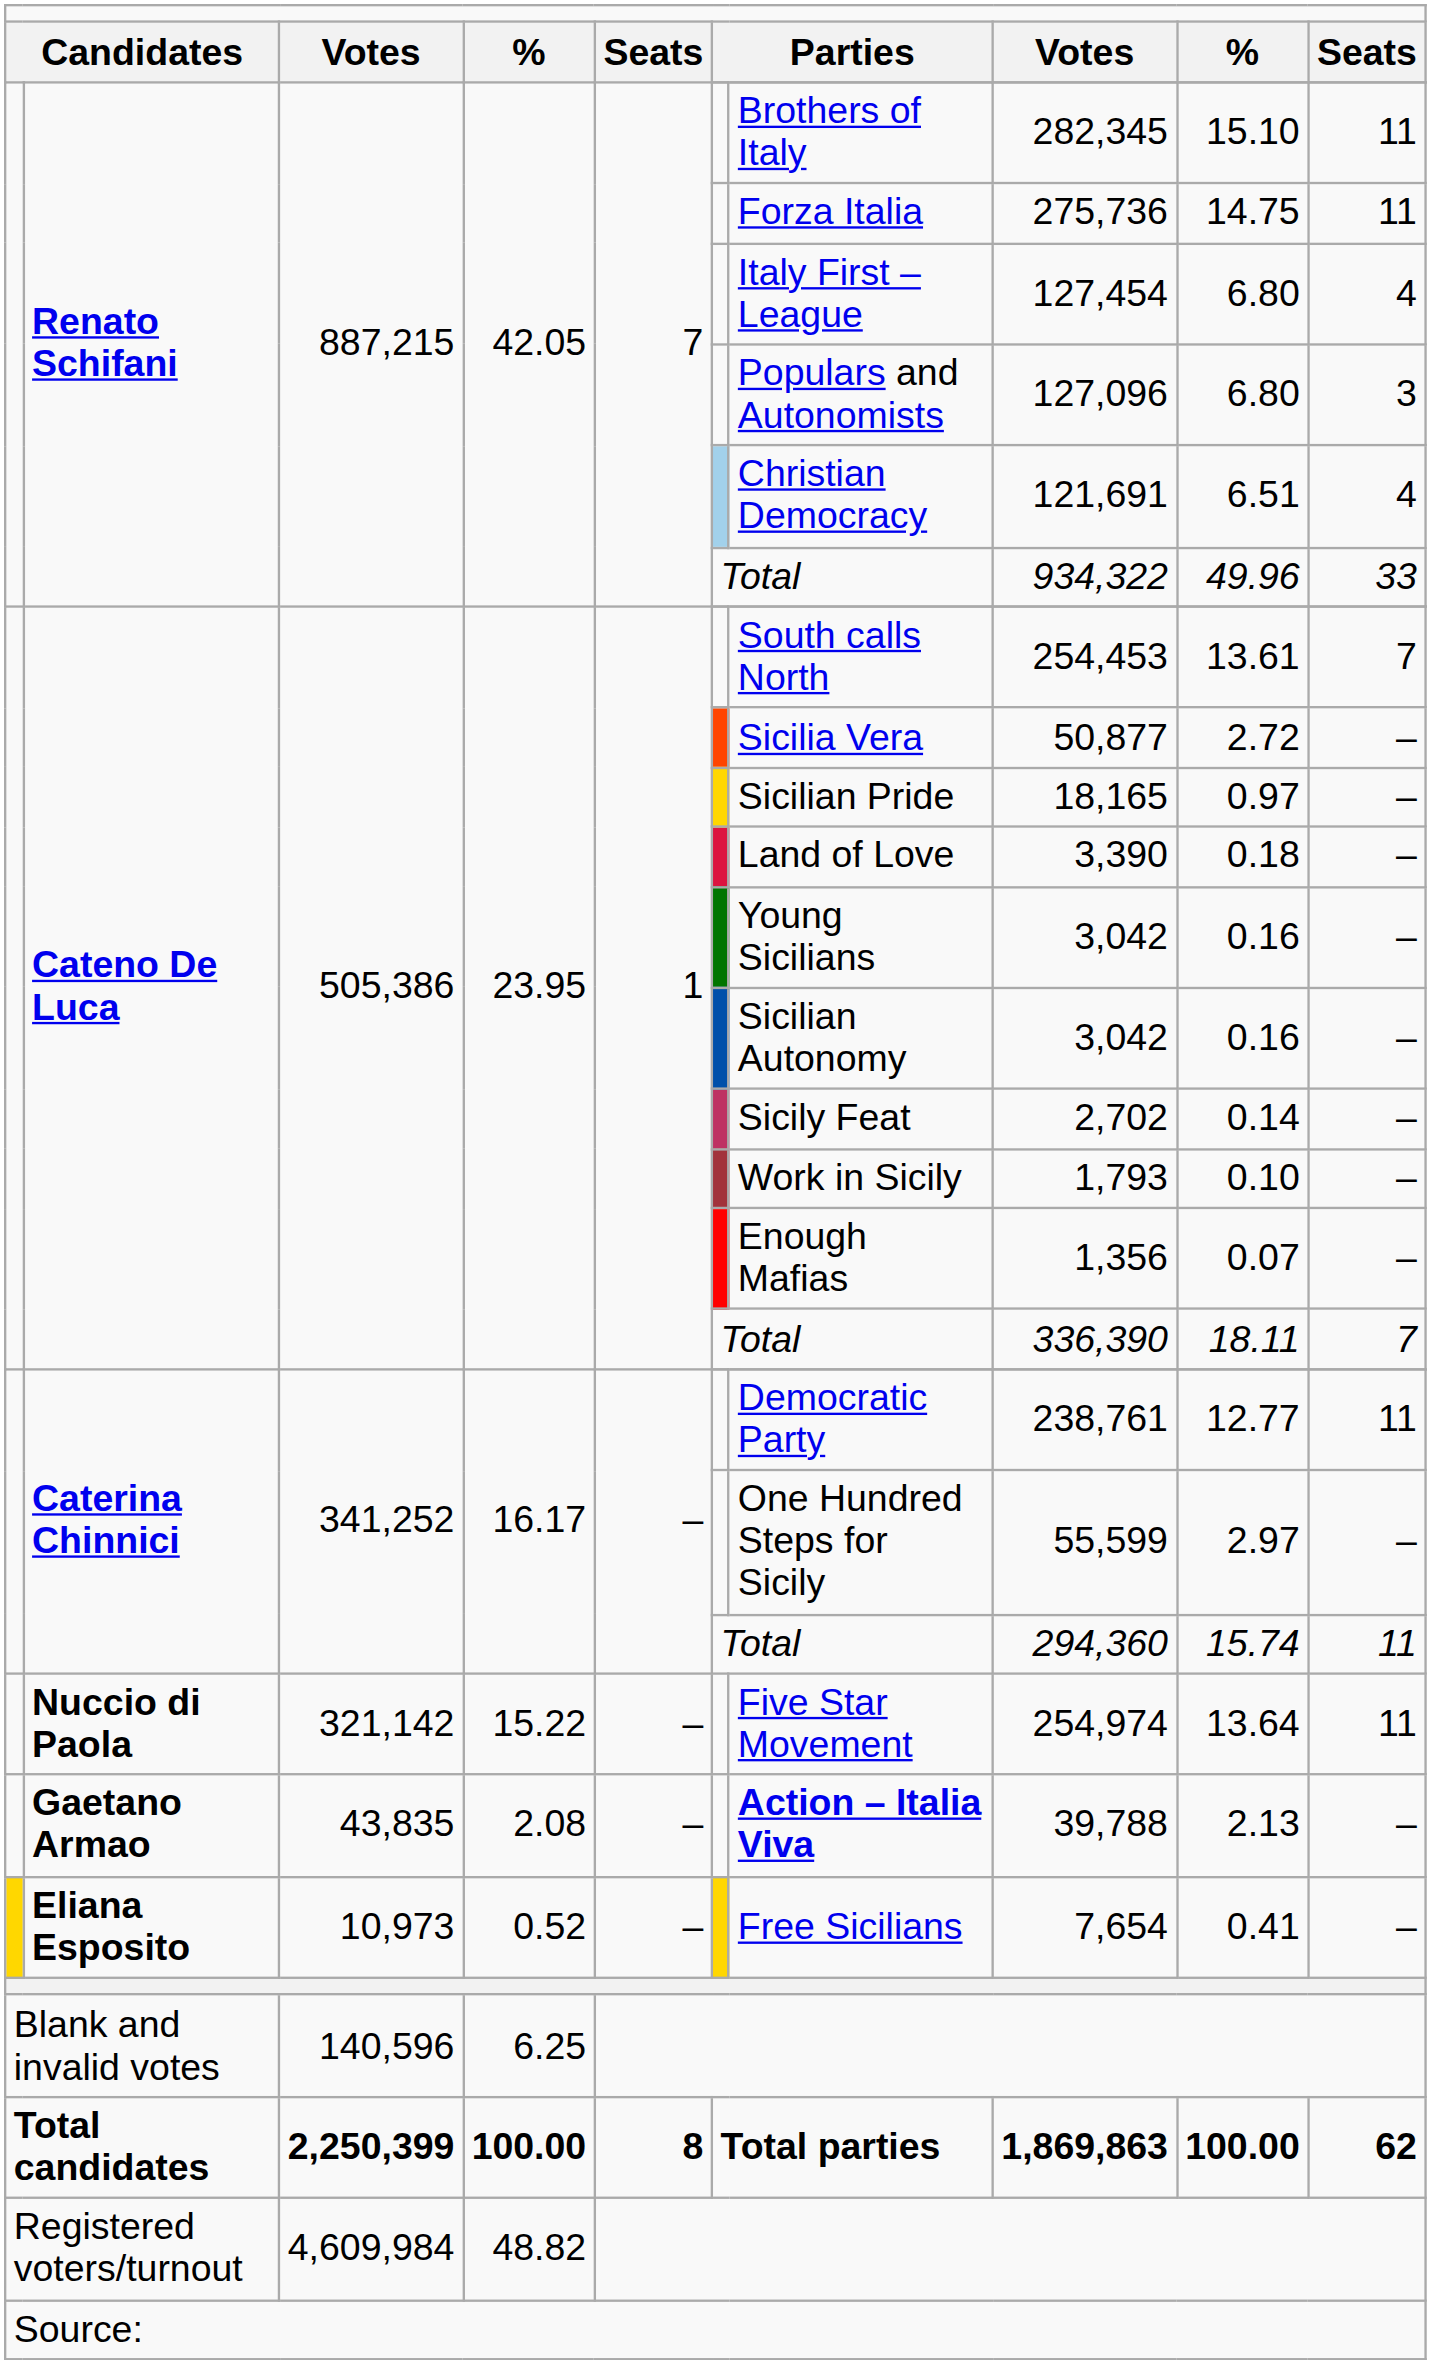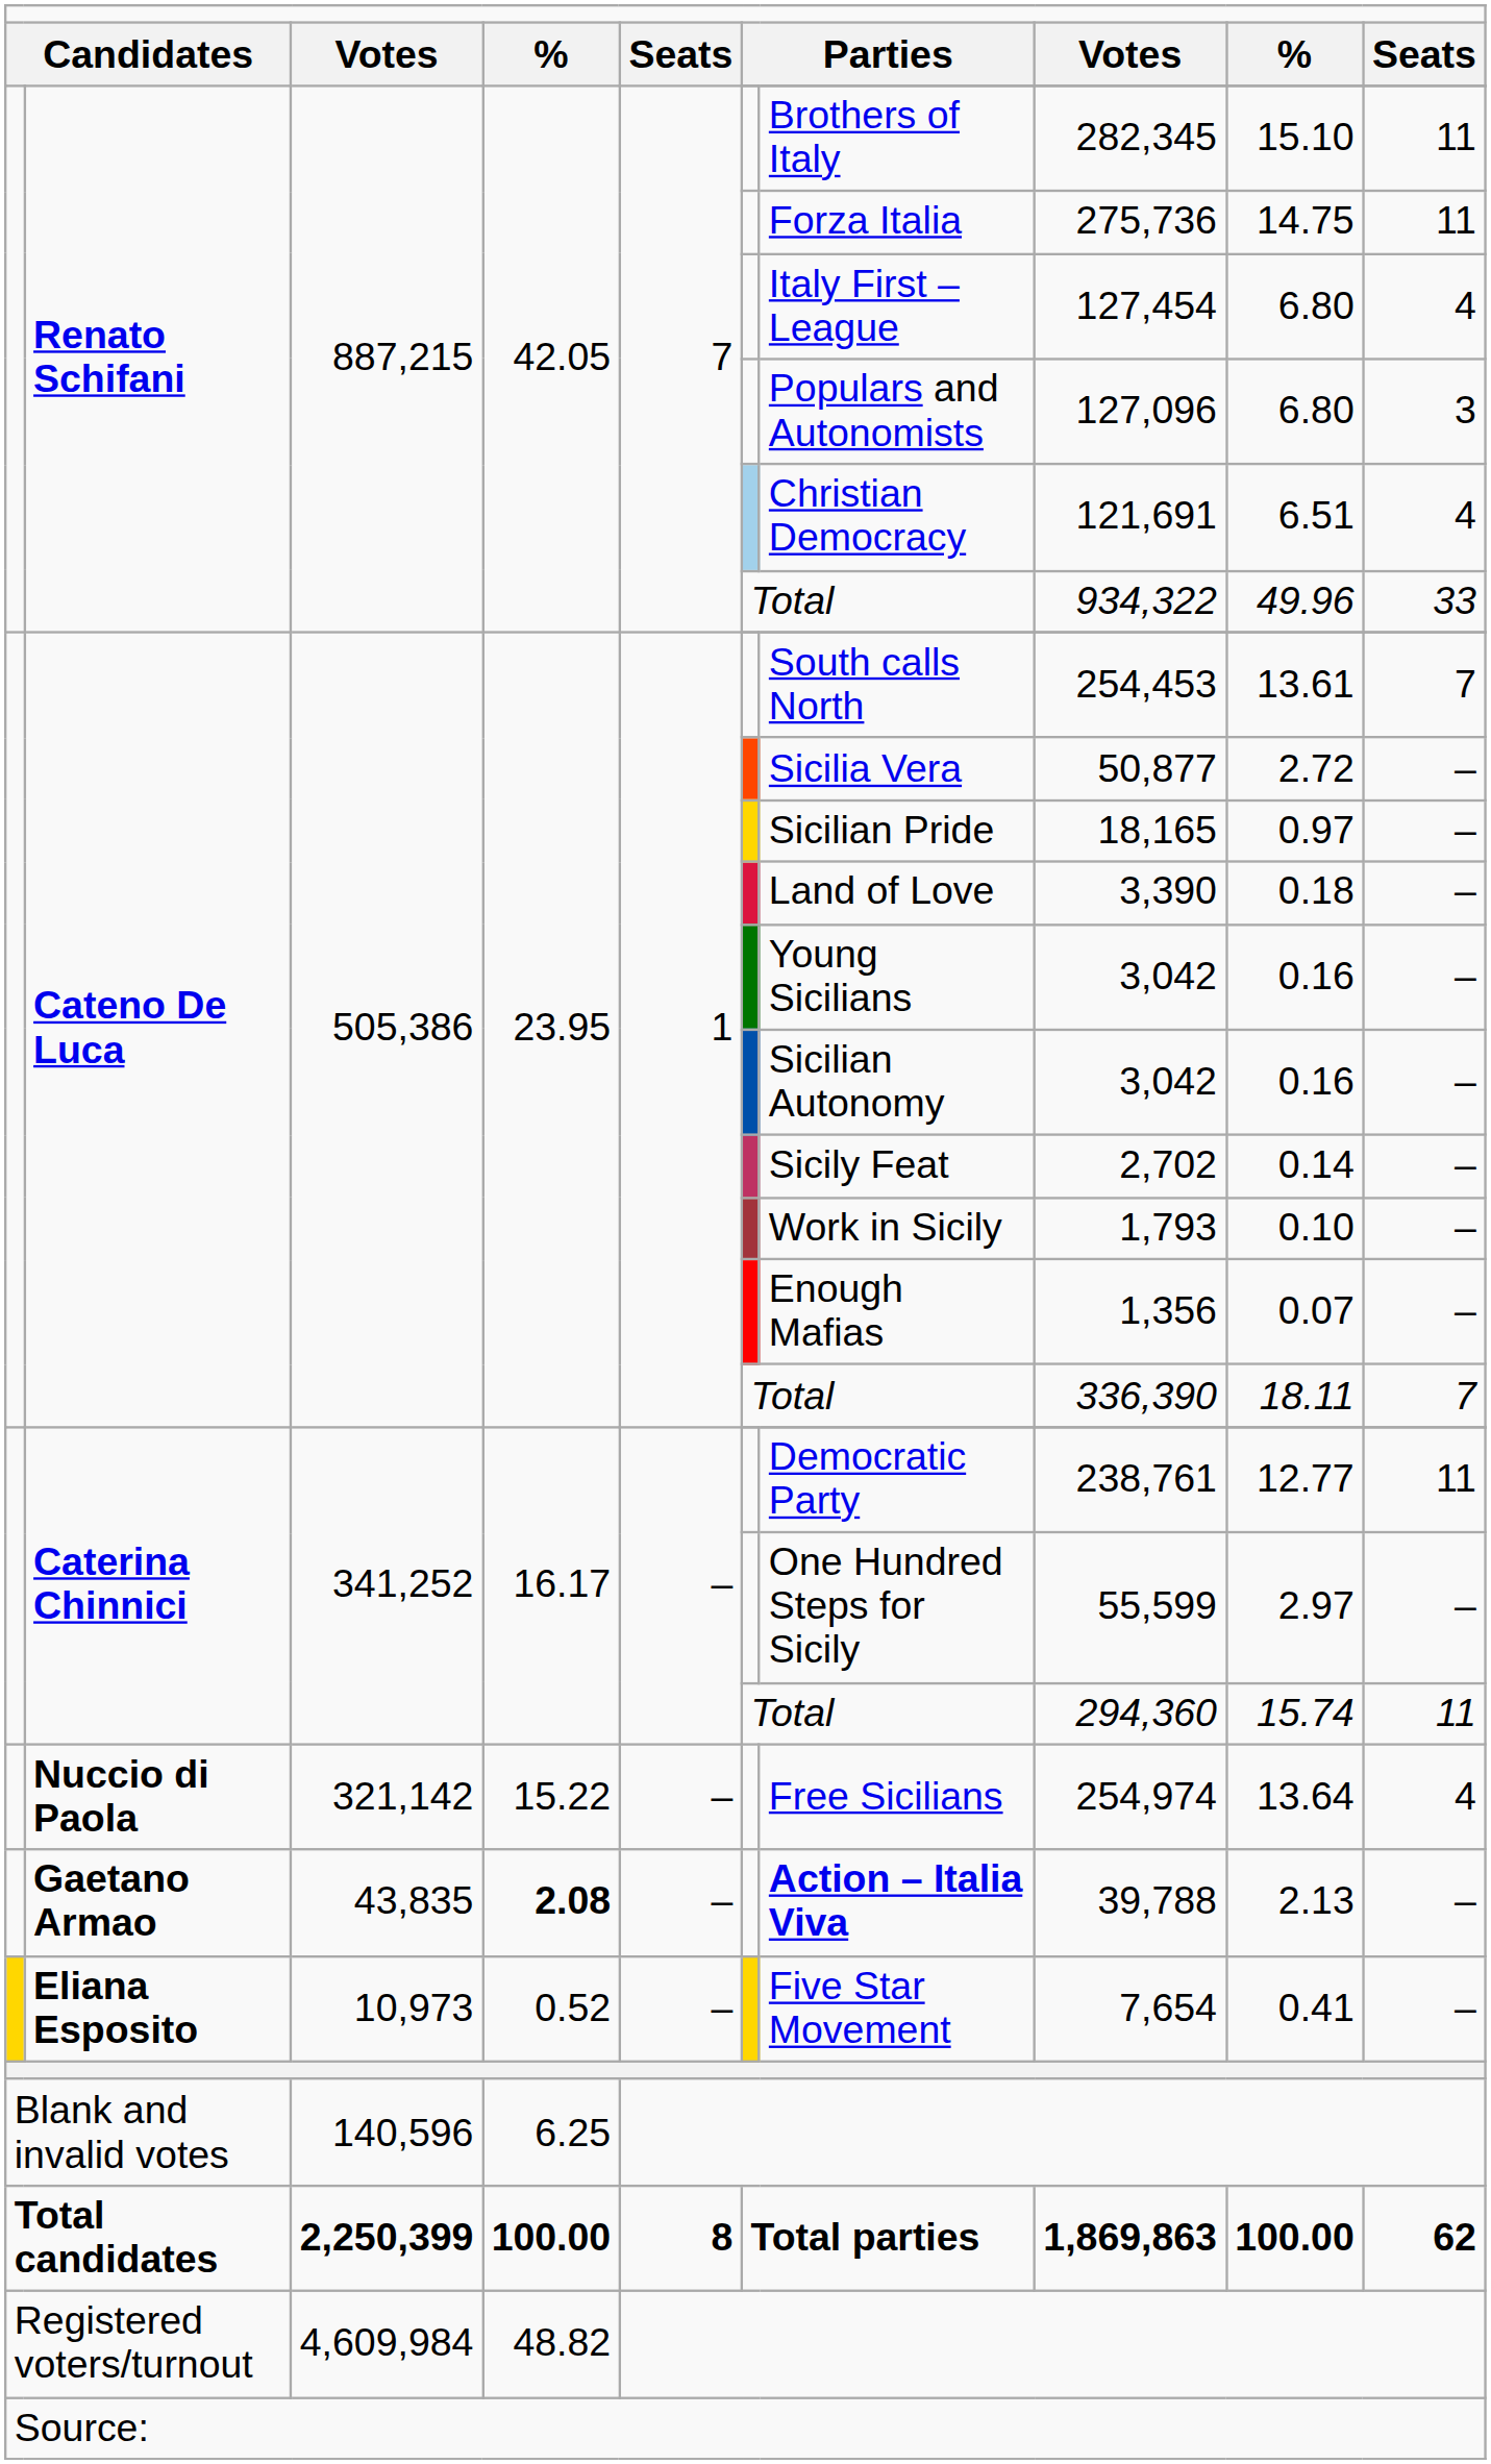 <table class="wikitable">
 <tr>
 <td colspan=10></td>
 </tr>
 <tr>
 <th colspan=2>Candidates</th>
 <th>Votes</th>
 <th>%</th>
 <th>Seats</th>
 <th colspan=2>Parties</th>
 <th>Votes</th>
 <th>%</th>
 <th>Seats</th>
 </tr>
 <tr>
 <td rowspan=7></td>
 <td rowspan=7><strong><a href='#'>Renato Schifani</a></strong></td>
 <td rowspan=7 align=right>887,215</td>
 <td rowspan=7 align=right>42.05</td>
 <td rowspan=7 align=right>7</td>
 </tr>
 <tr>
 <td></td>
 <td><a href='#'>Brothers of Italy</a></td>
 <td align=right>282,345</td>
 <td align=right>15.10</td>
 <td align=right>11</td>
 </tr>
 <tr>
 <td style="color:inherit;background:"></td>
 <td><a href='#'>Forza Italia</a></td>
 <td align=right>275,736</td>
 <td align=right>14.75</td>
 <td align=right>11</td>
 </tr>
 <tr>
 <td></td>
 <td><a href='#'>Italy First – League</a></td>
 <td align=right>127,454</td>
 <td align=right>6.80</td>
 <td align=right>4</td>
 </tr>
 <tr>
 <td style="color:inherit;background:"></td>
 <td><a href='#'>Populars</a> and <a href='#'>Autonomists</a></td>
 <td align=right>127,096</td>
 <td align=right>6.80</td>
 <td align=right>3</td>
 </tr>
 <tr>
 <td style="color:inherit;background:#A2D1EB"></td>
 <td><a href='#'>Christian Democracy</a></td>
 <td align=right>121,691</td>
 <td align=right>6.51</td>
 <td align=right>4</td>
 </tr>
 <tr>
 <td colspan=2><em>Total</em></td>
 <td align=right><em>934,322</em></td>
 <td align=right><em>49.96</em></td>
 <td align=right><em>33</em></td>
 </tr>
 <tr>
 <td rowspan=11></td>
 <td rowspan=11><strong><a href='#'>Cateno De Luca</a></strong></td>
 <td rowspan=11 align=right>505,386</td>
 <td rowspan=11 align=right>23.95</td>
 <td rowspan=11 align=right>1</td>
 </tr>
 <tr>
 <td></td>
 <td><a href='#'>South calls North</a></td>
 <td align=right>254,453</td>
 <td align=right>13.61</td>
 <td align=right>7</td>
 </tr>
 <tr>
 <td style="color:inherit;background:#FF4500"></td>
 <td><a href='#'>Sicilia Vera</a></td>
 <td align=right>50,877</td>
 <td align=right>2.72</td>
 <td align=right>–</td>
 </tr>
 <tr>
 <td bgcolor="gold"></td>
 <td>Sicilian Pride</td>
 <td align=right>18,165</td>
 <td align=right>0.97</td>
 <td align=right>–</td>
 </tr>
 <tr>
 <td style="color:inherit;background:#DC143F"></td>
 <td>Land of Love</td>
 <td align=right>3,390</td>
 <td align=right>0.18</td>
 <td align=right>–</td>
 </tr>
 <tr>
 <td style="color:inherit;background:#007500"></td>
 <td>Young Sicilians</td>
 <td align=right>3,042</td>
 <td align=right>0.16</td>
 <td align=right>–</td>
 </tr>
 <tr>
 <td style="color:inherit;background:#0050AA"></td>
 <td>Sicilian Autonomy</td>
 <td align=right>3,042</td>
 <td align=right>0.16</td>
 <td align=right>–</td>
 </tr>
 <tr>
 <td style="color:inherit;background:#BE3263"></td>
 <td>Sicily Feat</td>
 <td align=right>2,702</td>
 <td align=right>0.14</td>
 <td align=right>–</td>
 </tr>
 <tr>
 <td style="color:inherit;background:#A2333B"></td>
 <td>Work in Sicily</td>
 <td align=right>1,793</td>
 <td align=right>0.10</td>
 <td align=right>–</td>
 </tr>
 <tr>
 <td style="color:inherit;background:#FF0000"></td>
 <td>Enough Mafias</td>
 <td align=right>1,356</td>
 <td align=right>0.07</td>
 <td align=right>–</td>
 </tr>
 <tr>
 <td colspan=2><em>Total</em></td>
 <td align=right><em>336,390</em></td>
 <td align=right><em>18.11</em></td>
 <td align=right><em>7</em></td>
 </tr>
 <tr>
 <td rowspan=4></td>
 <td rowspan=4><strong><a href='#'>Caterina Chinnici</a></strong></td>
 <td rowspan=4 align=right>341,252</td>
 <td rowspan=4 align=right>16.17</td>
 <td rowspan=4 align=right>–</td>
 </tr>
 <tr>
 <td style="color:inherit;background:"></td>
 <td><a href='#'>Democratic Party</a></td>
 <td align=right>238,761</td>
 <td align=right>12.77</td>
 <td align=right>11</td>
 </tr>
 <tr>
 <td style="color:inherit;background:"></td>
 <td>One Hundred Steps for Sicily</td>
 <td align=right>55,599</td>
 <td align=right>2.97</td>
 <td align=right>–</td>
 </tr>
 <tr>
 <td colspan=2><em>Total</em></td>
 <td align=right><em>294,360</em></td>
 <td align=right><em>15.74</em></td>
 <td align=right><em>11</em></td>
 </tr>
 <tr>
 <td style="color:inherit;background:"></td>
 <td><strong>Nuccio di Paola</strong></td>
 <td align=right>321,142</td>
 <td align=right>15.22</td>
 <td align=right>–</td>
 <td style="color:inherit;background:"></td>
-<td><a href='#'>Five Star Movement</a></td>
+<td><a href='#'>Free Sicilians</a></td>
 <td align=right>254,974</td>
 <td align=right>13.64</td>
-<td align=right>11</td>
+<td align=right>4</td>
 </tr>
 <tr>
 <td style="color:inherit;background:"></td>
 <td><strong>Gaetano Armao</strong></td>
 <td align=right>43,835</td>
-<td align=right>2.08</td>
+<td align=right><strong>2.08</strong></td>
 <td align=right>–</td>
 <td style="color:inherit;background:"></td>
 <td><strong><a href='#'>Action – Italia Viva</a></strong></td>
 <td align=right>39,788</td>
 <td align=right>2.13</td>
 <td align=right>–</td>
 </tr>
 <tr>
 <td bgcolor="gold"></td>
 <td><strong>Eliana Esposito</strong></td>
 <td align=right>10,973</td>
 <td align=right>0.52</td>
 <td align=right>–</td>
 <td bgcolor="gold"></td>
-<td><a href='#'>Free Sicilians</a></td>
+<td><a href='#'>Five Star Movement</a></td>
 <td align=right>7,654</td>
 <td align=right>0.41</td>
 <td align=right>–</td>
 </tr>
 <tr>
 <th colspan=10></th>
 </tr>
 <tr>
 <td colspan=2>Blank and invalid votes</td>
 <td align=right>140,596</td>
 <td align=right>6.25</td>
 <td colspan=6></td>
 </tr>
 <tr>
 <td colspan=2><strong>Total candidates</strong></td>
 <td align=right><strong>2,250,399</strong></td>
 <td align=right><strong>100.00</strong></td>
 <td align=right><strong>8</strong></td>
 <td colspan=2><strong>Total parties</strong></td>
 <td align=right><strong>1,869,863</strong></td>
 <td align=right><strong>100.00</strong></td>
 <td align=right><strong>62</strong></td>
 </tr>
 <tr>
 <td colspan=2>Registered voters/turnout</td>
 <td align=right>4,609,984</td>
 <td align=right>48.82</td>
 <td colspan=6></td>
 </tr>
 <tr>
 <td colspan=10>Source: </td>
 </tr>
 </table>
